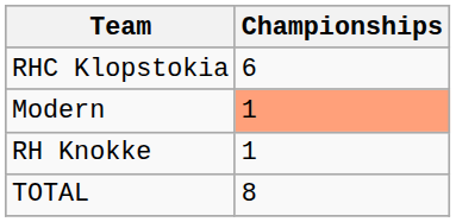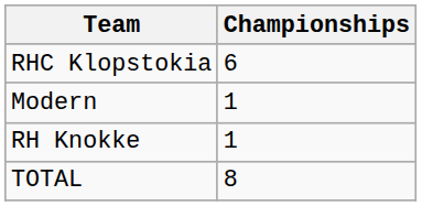 <table class="wikitable">
 <tr>
 <th>Team</th>
 <th>Championships</th>
 </tr>
 <tr>
 <td>RHC Klopstokia</td>
 <td>6</td>
 </tr>
 <tr>
 <td>Modern</td>
-<td style="background: lightsalmon;">1</td>
+<td>1</td>
 </tr>
 <tr>
 <td>RH Knokke</td>
 <td>1</td>
 </tr>
 <tr>
 <td>TOTAL</td>
 <td>8</td>
 </tr>
 </table>
